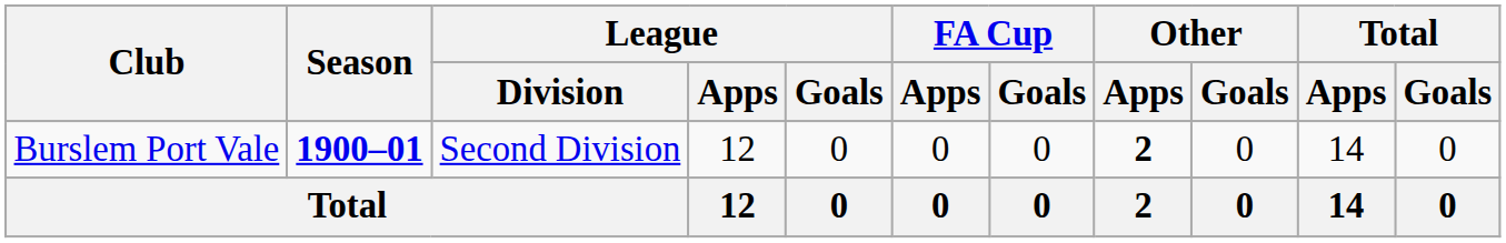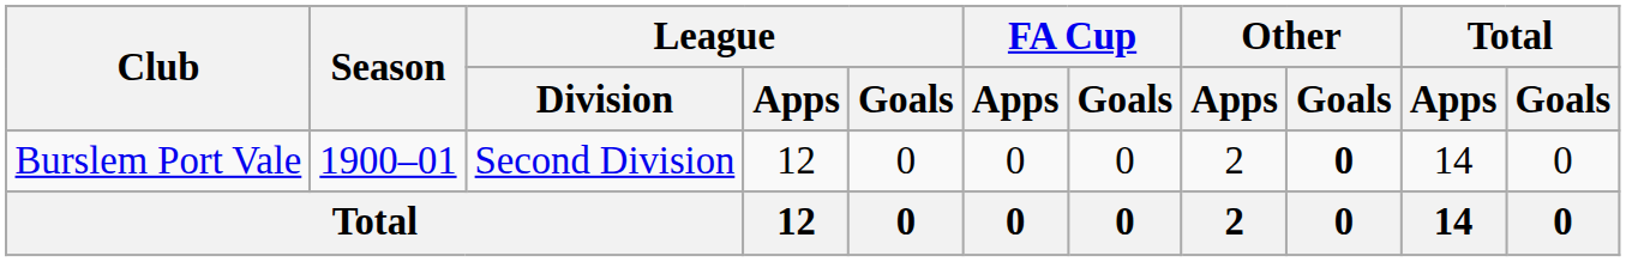 <table class="wikitable" style="text-align:center">
 <tr>
 <th rowspan="2">Club</th>
 <th rowspan="2">Season</th>
 <th colspan="3">League</th>
 <th colspan="2"><a href='#'>FA Cup</a></th>
 <th colspan="2">Other</th>
 <th colspan="2">Total</th>
 </tr>
 <tr>
 <th>Division</th>
 <th>Apps</th>
 <th>Goals</th>
 <th>Apps</th>
 <th>Goals</th>
 <th>Apps</th>
 <th>Goals</th>
 <th>Apps</th>
 <th>Goals</th>
 </tr>
 <tr>
 <td><a href='#'>Burslem Port Vale</a></td>
-<td><strong><a href='#'>1900–01</a></strong></td>
+<td><a href='#'>1900–01</a></td>
 <td><a href='#'>Second Division</a></td>
 <td>12</td>
 <td>0</td>
 <td>0</td>
 <td>0</td>
-<td><strong>2</strong></td>
-<td>0</td>
+<td>2</td>
+<td><strong>0</strong></td>
 <td>14</td>
 <td>0</td>
 </tr>
 <tr>
 <th colspan="3">Total</th>
 <th>12</th>
 <th>0</th>
 <th>0</th>
 <th>0</th>
 <th>2</th>
 <th>0</th>
 <th>14</th>
 <th>0</th>
 </tr>
 </table>
